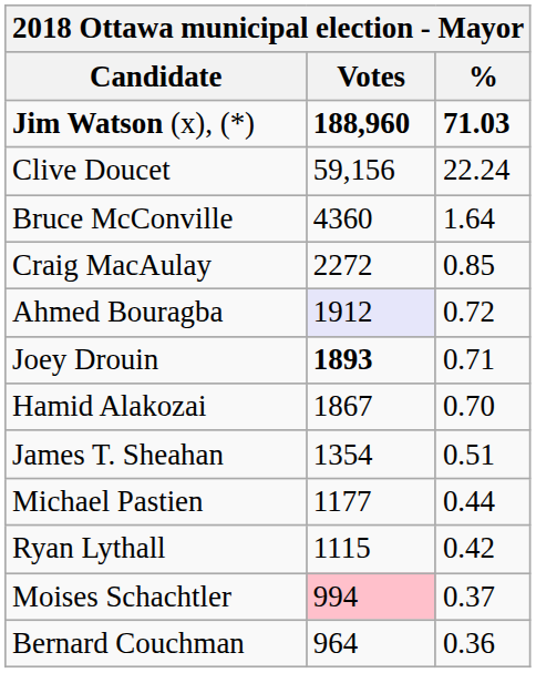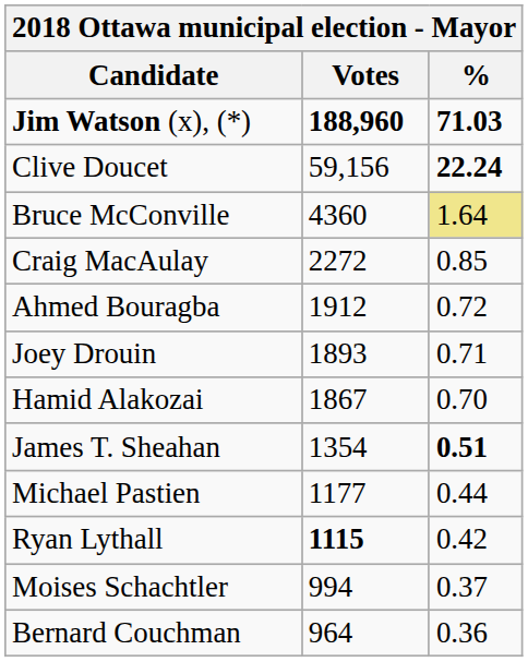 <table class="wikitable">
 <tr>
 <th colspan="3">2018 Ottawa municipal election - Mayor</th>
 </tr>
 <tr>
 <th>Candidate</th>
 <th>Votes</th>
 <th>%</th>
 </tr>
 <tr>
 <td><strong>Jim Watson</strong> (x), (*)</td>
 <td><strong>188,960</strong></td>
 <td><strong>71.03</strong></td>
 </tr>
 <tr>
 <td>Clive Doucet</td>
 <td>59,156</td>
-<td>22.24</td>
+<td><strong>22.24</strong></td>
 </tr>
 <tr>
 <td>Bruce McConville</td>
 <td>4360</td>
-<td>1.64</td>
+<td style="background: khaki;">1.64</td>
 </tr>
 <tr>
 <td>Craig MacAulay</td>
 <td>2272</td>
 <td>0.85</td>
 </tr>
 <tr>
 <td>Ahmed Bouragba</td>
-<td style="background: lavender;">1912</td>
+<td>1912</td>
 <td>0.72</td>
 </tr>
 <tr>
 <td>Joey Drouin</td>
-<td><strong>1893</strong></td>
+<td>1893</td>
 <td>0.71</td>
 </tr>
 <tr>
 <td>Hamid Alakozai</td>
 <td>1867</td>
 <td>0.70</td>
 </tr>
 <tr>
 <td>James T. Sheahan</td>
 <td>1354</td>
-<td>0.51</td>
+<td><strong>0.51</strong></td>
 </tr>
 <tr>
 <td>Michael Pastien</td>
 <td>1177</td>
 <td>0.44</td>
 </tr>
 <tr>
 <td>Ryan Lythall</td>
-<td>1115</td>
+<td><strong>1115</strong></td>
 <td>0.42</td>
 </tr>
 <tr>
 <td>Moises Schachtler</td>
-<td style="background: pink;">994</td>
+<td>994</td>
 <td>0.37</td>
 </tr>
 <tr>
 <td>Bernard Couchman</td>
 <td>964</td>
 <td>0.36</td>
 </tr>
 </table>
